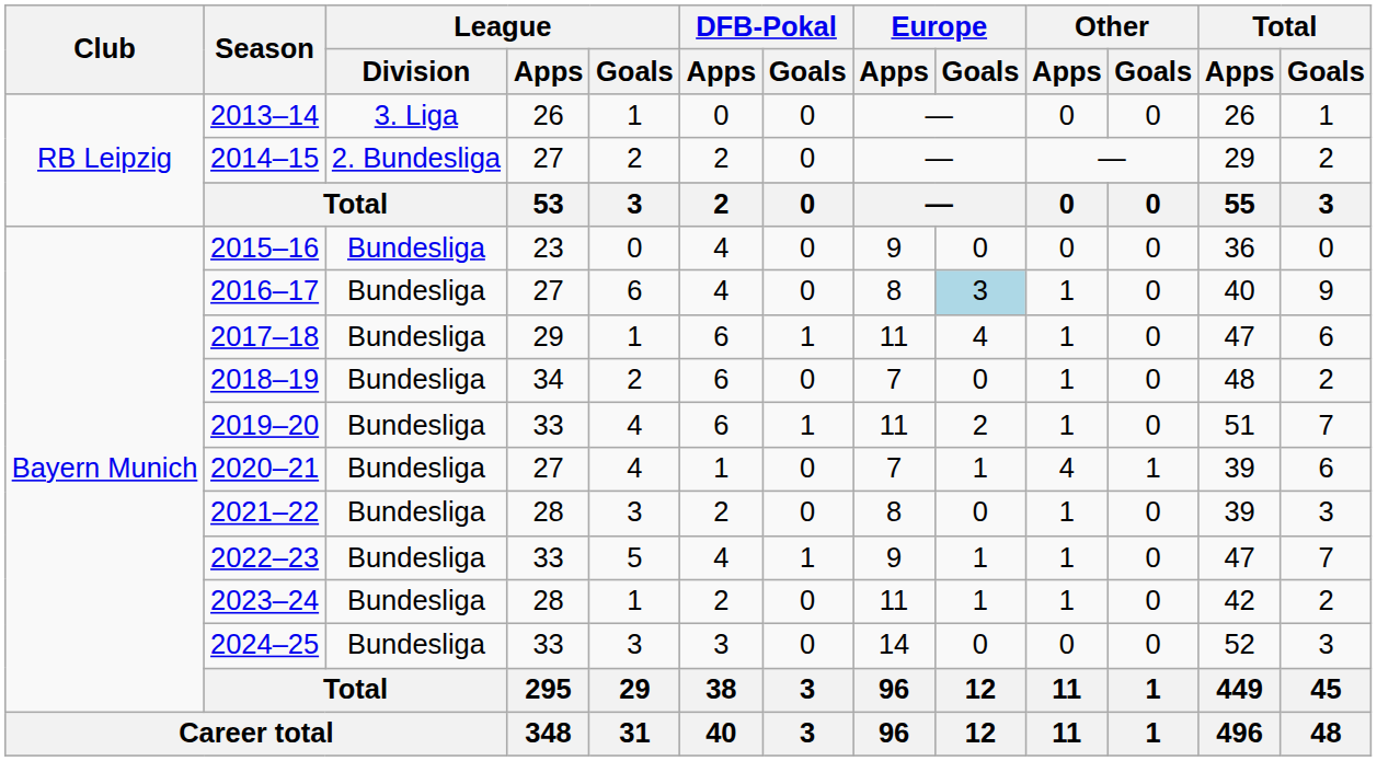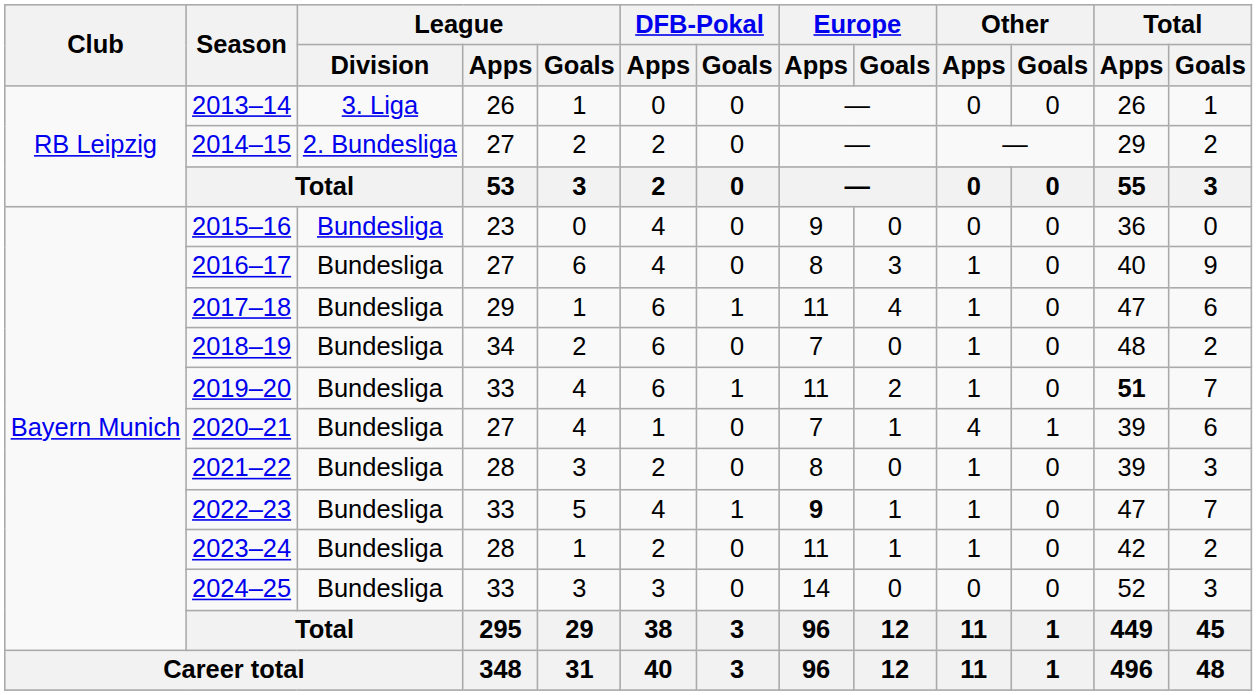 <table class="wikitable" style="text-align:center">
 <tr>
 <th rowspan="2">Club</th>
 <th rowspan="2">Season</th>
 <th colspan="3">League</th>
 <th colspan="2"><a href='#'>DFB-Pokal</a></th>
 <th colspan="2"><a href='#'>Europe</a></th>
 <th colspan="2">Other</th>
 <th colspan="2">Total</th>
 </tr>
 <tr>
 <th>Division</th>
 <th>Apps</th>
 <th>Goals</th>
 <th>Apps</th>
 <th>Goals</th>
 <th>Apps</th>
 <th>Goals</th>
 <th>Apps</th>
 <th>Goals</th>
 <th>Apps</th>
 <th>Goals</th>
 </tr>
 <tr>
 <td rowspan="3"><a href='#'>RB Leipzig</a></td>
 <td><a href='#'>2013–14</a></td>
 <td><a href='#'>3. Liga</a></td>
 <td>26</td>
 <td>1</td>
 <td>0</td>
 <td>0</td>
 <td colspan="2">—</td>
 <td>0</td>
 <td>0</td>
 <td>26</td>
 <td>1</td>
 </tr>
 <tr>
 <td><a href='#'>2014–15</a></td>
 <td><a href='#'>2. Bundesliga</a></td>
 <td>27</td>
 <td>2</td>
 <td>2</td>
 <td>0</td>
 <td colspan="2">—</td>
 <td colspan="2">—</td>
 <td>29</td>
 <td>2</td>
 </tr>
 <tr>
 <th colspan="2">Total</th>
 <th>53</th>
 <th>3</th>
 <th>2</th>
 <th>0</th>
 <th colspan="2">—</th>
 <th>0</th>
 <th>0</th>
 <th>55</th>
 <th>3</th>
 </tr>
 <tr>
 <td rowspan="11"><a href='#'>Bayern Munich</a></td>
 <td><a href='#'>2015–16</a></td>
 <td><a href='#'>Bundesliga</a></td>
 <td>23</td>
 <td>0</td>
 <td>4</td>
 <td>0</td>
 <td>9</td>
 <td>0</td>
 <td>0</td>
 <td>0</td>
 <td>36</td>
 <td>0</td>
 </tr>
 <tr>
 <td><a href='#'>2016–17</a></td>
 <td>Bundesliga</td>
 <td>27</td>
 <td>6</td>
 <td>4</td>
 <td>0</td>
 <td>8</td>
-<td style="background: lightblue;">3</td>
+<td>3</td>
 <td>1</td>
 <td>0</td>
 <td>40</td>
 <td>9</td>
 </tr>
 <tr>
 <td><a href='#'>2017–18</a></td>
 <td>Bundesliga</td>
 <td>29</td>
 <td>1</td>
 <td>6</td>
 <td>1</td>
 <td>11</td>
 <td>4</td>
 <td>1</td>
 <td>0</td>
 <td>47</td>
 <td>6</td>
 </tr>
 <tr>
 <td><a href='#'>2018–19</a></td>
 <td>Bundesliga</td>
 <td>34</td>
 <td>2</td>
 <td>6</td>
 <td>0</td>
 <td>7</td>
 <td>0</td>
 <td>1</td>
 <td>0</td>
 <td>48</td>
 <td>2</td>
 </tr>
 <tr>
 <td><a href='#'>2019–20</a></td>
 <td>Bundesliga</td>
 <td>33</td>
 <td>4</td>
 <td>6</td>
 <td>1</td>
 <td>11</td>
 <td>2</td>
 <td>1</td>
 <td>0</td>
-<td>51</td>
+<td><strong>51</strong></td>
 <td>7</td>
 </tr>
 <tr>
 <td><a href='#'>2020–21</a></td>
 <td>Bundesliga</td>
 <td>27</td>
 <td>4</td>
 <td>1</td>
 <td>0</td>
 <td>7</td>
 <td>1</td>
 <td>4</td>
 <td>1</td>
 <td>39</td>
 <td>6</td>
 </tr>
 <tr>
 <td><a href='#'>2021–22</a></td>
 <td>Bundesliga</td>
 <td>28</td>
 <td>3</td>
 <td>2</td>
 <td>0</td>
 <td>8</td>
 <td>0</td>
 <td>1</td>
 <td>0</td>
 <td>39</td>
 <td>3</td>
 </tr>
 <tr>
 <td><a href='#'>2022–23</a></td>
 <td>Bundesliga</td>
 <td>33</td>
 <td>5</td>
 <td>4</td>
 <td>1</td>
-<td>9</td>
+<td><strong>9</strong></td>
 <td>1</td>
 <td>1</td>
 <td>0</td>
 <td>47</td>
 <td>7</td>
 </tr>
 <tr>
 <td><a href='#'>2023–24</a></td>
 <td>Bundesliga</td>
 <td>28</td>
 <td>1</td>
 <td>2</td>
 <td>0</td>
 <td>11</td>
 <td>1</td>
 <td>1</td>
 <td>0</td>
 <td>42</td>
 <td>2</td>
 </tr>
 <tr>
 <td><a href='#'>2024–25</a></td>
 <td>Bundesliga</td>
 <td>33</td>
 <td>3</td>
 <td>3</td>
 <td>0</td>
 <td>14</td>
 <td>0</td>
 <td>0</td>
 <td>0</td>
 <td>52</td>
 <td>3</td>
 </tr>
 <tr>
 <th colspan="2">Total</th>
 <th>295</th>
 <th>29</th>
 <th>38</th>
 <th>3</th>
 <th>96</th>
 <th>12</th>
 <th>11</th>
 <th>1</th>
 <th>449</th>
 <th>45</th>
 </tr>
 <tr>
 <th colspan="3">Career total</th>
 <th>348</th>
 <th>31</th>
 <th>40</th>
 <th>3</th>
 <th>96</th>
 <th>12</th>
 <th>11</th>
 <th>1</th>
 <th>496</th>
 <th>48</th>
 </tr>
 </table>
